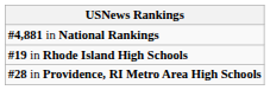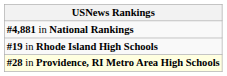 <table class="wikitable">
 <tr>
 <th>USNews Rankings</th>
 </tr>
 <tr>
 <td><strong>#4,881</strong> in <strong>National Rankings</strong></td>
 </tr>
 <tr>
 <td><strong>#19</strong> in <strong>Rhode Island High Schools</strong></td>
 </tr>
 <tr>
-<td><strong>#28</strong> in <strong>Providence, RI Metro Area High Schools</strong></td>
+<td style="background: lightyellow;"><strong>#28</strong> in <strong>Providence, RI Metro Area High Schools</strong></td>
 </tr>
 </table>
